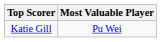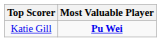 <table class="wikitable" style="margin: 0 auto;">
 <tr>
 <th>Top Scorer</th>
 <th>Most Valuable Player</th>
 </tr>
 <tr>
 <td align=center> <a href='#'>Katie Gill</a></td>
-<td align=center> <a href='#'>Pu Wei</a></td>
+<td align=center><strong> <a href='#'>Pu Wei</a></strong></td>
 </tr>
 </table>
